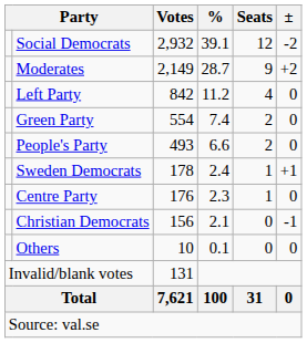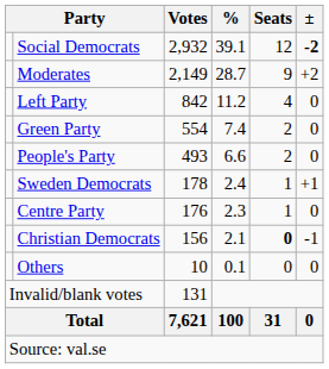 <table class=wikitable style=text-align:right>
 <tr>
 <th colspan=2>Party</th>
 <th>Votes</th>
 <th>%</th>
 <th>Seats</th>
 <th>±</th>
 </tr>
 <tr>
 <td bgcolor=></td>
 <td align=left><a href='#'>Social Democrats</a></td>
 <td>2,932</td>
 <td>39.1</td>
 <td>12</td>
-<td>-2</td>
+<td><strong>-2</strong></td>
 </tr>
 <tr>
 <td bgcolor=></td>
 <td align=left><a href='#'>Moderates</a></td>
 <td>2,149</td>
 <td>28.7</td>
 <td>9</td>
 <td>+2</td>
 </tr>
 <tr>
 <td bgcolor=></td>
 <td align=left><a href='#'>Left Party</a></td>
 <td>842</td>
 <td>11.2</td>
 <td>4</td>
 <td>0</td>
 </tr>
 <tr>
 <td bgcolor=></td>
 <td align=left><a href='#'>Green Party</a></td>
 <td>554</td>
 <td>7.4</td>
 <td>2</td>
 <td>0</td>
 </tr>
 <tr>
 <td bgcolor=></td>
 <td align=left><a href='#'>People's Party</a></td>
 <td>493</td>
 <td>6.6</td>
 <td>2</td>
 <td>0</td>
 </tr>
 <tr>
 <td bgcolor=></td>
 <td align=left><a href='#'>Sweden Democrats</a></td>
 <td>178</td>
 <td>2.4</td>
 <td>1</td>
 <td>+1</td>
 </tr>
 <tr>
 <td bgcolor=></td>
 <td align=left><a href='#'>Centre Party</a></td>
 <td>176</td>
 <td>2.3</td>
 <td>1</td>
 <td>0</td>
 </tr>
 <tr>
 <td bgcolor=></td>
 <td align=left><a href='#'>Christian Democrats</a></td>
 <td>156</td>
 <td>2.1</td>
-<td>0</td>
+<td><strong>0</strong></td>
 <td>-1</td>
 </tr>
 <tr>
 <td></td>
 <td align=left><a href='#'>Others</a></td>
 <td>10</td>
 <td>0.1</td>
 <td>0</td>
 <td>0</td>
 </tr>
 <tr>
 <td align=left colspan=2>Invalid/blank votes</td>
 <td>131</td>
 <td colspan=3></td>
 </tr>
 <tr>
 <th align=left colspan=2>Total</th>
 <th>7,621</th>
 <th>100</th>
 <th>31</th>
 <th>0</th>
 </tr>
 <tr>
 <td align=left colspan=6>Source: val.se </td>
 </tr>
 </table>
